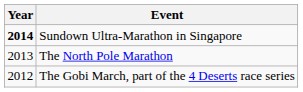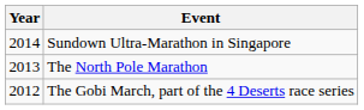 <table class="wikitable">
 <tr>
 <th>Year</th>
 <th>Event</th>
 </tr>
 <tr>
-<td><strong>2014</strong></td>
+<td>2014</td>
 <td>Sundown Ultra-Marathon in Singapore</td>
 </tr>
 <tr>
 <td>2013</td>
 <td>The <a href='#'>North Pole Marathon</a></td>
 </tr>
 <tr>
 <td>2012</td>
 <td>The Gobi March, part of the <a href='#'>4 Deserts</a> race series</td>
 </tr>
 </table>
